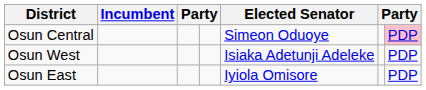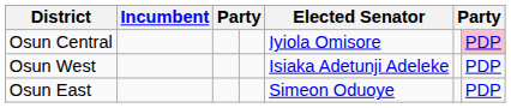 <table class="sortable wikitable" style="font-size:95%;line-height:14px;">
 <tr>
 <th class="unsortable">District</th>
 <th class="unsortable"><a href='#'>Incumbent</a></th>
 <th colspan="2">Party</th>
 <th class="unsortable">Elected Senator</th>
 <th colspan="2">Party</th>
 </tr>
 <tr>
 <td>Osun Central</td>
 <td></td>
 <td></td>
 <td></td>
-<td><a href='#'>Simeon Oduoye</a></td>
+<td><a href='#'>Iyiola Omisore</a></td>
 <td style="background:"></td>
 <td style="background: pink;"><a href='#'>PDP</a></td>
 </tr>
 <tr>
 <td>Osun West</td>
 <td></td>
 <td></td>
 <td></td>
 <td><a href='#'>Isiaka Adetunji Adeleke</a></td>
 <td style="background:"></td>
 <td><a href='#'>PDP</a></td>
 </tr>
 <tr>
 <td>Osun East</td>
 <td></td>
 <td></td>
 <td></td>
-<td><a href='#'>Iyiola Omisore</a></td>
+<td><a href='#'>Simeon Oduoye</a></td>
 <td style="background:"></td>
 <td><a href='#'>PDP</a></td>
 </tr>
 </table>
